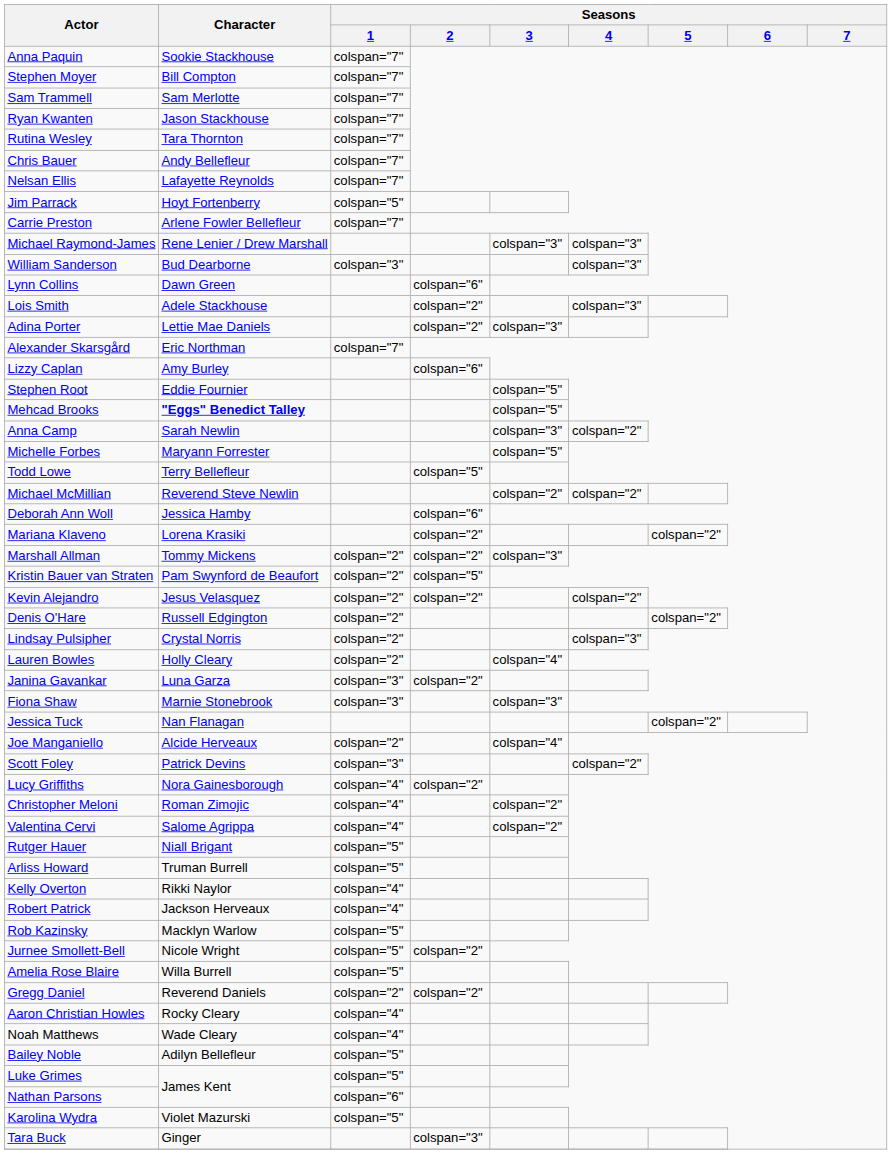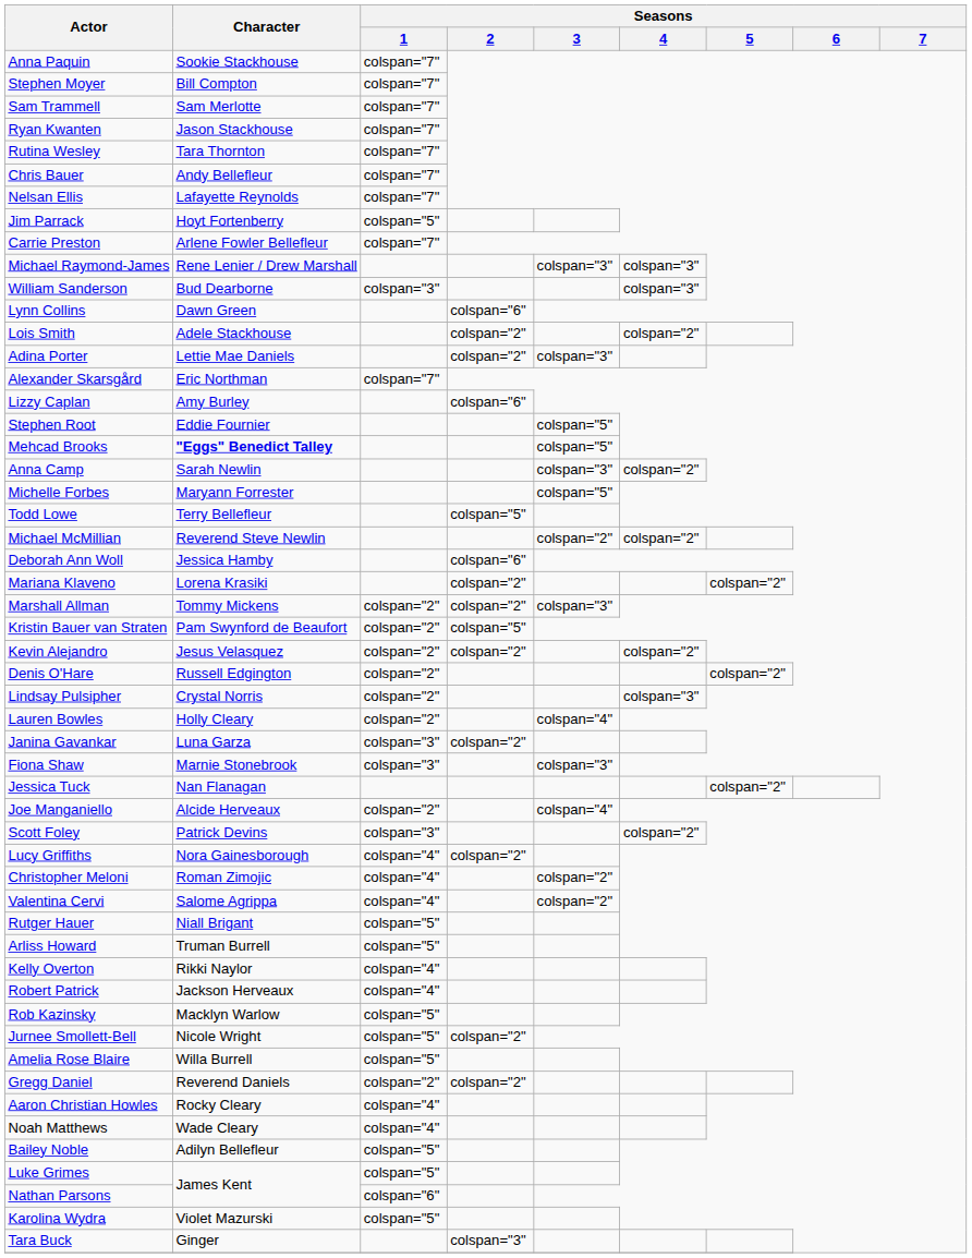 <table class="wikitable plainrowheaders" >
 <tr>
 <th rowspan="2">Actor</th>
 <th rowspan="2">Character</th>
 <th colspan="7">Seasons</th>
 </tr>
 <tr>
 <th style="width:9%;"><a href='#'>1</a></th>
 <th style="width:9%;"><a href='#'>2</a></th>
 <th style="width:9%;"><a href='#'>3</a></th>
 <th style="width:9%;"><a href='#'>4</a></th>
 <th style="width:9%;"><a href='#'>5</a></th>
 <th style="width:9%;"><a href='#'>6</a></th>
 <th style="width:9%;"><a href='#'>7</a></th>
 </tr>
 <tr>
 <td><a href='#'>Anna Paquin</a></td>
 <td><a href='#'>Sookie Stackhouse</a></td>
 <td>colspan="7" </td>
 </tr>
 <tr>
 <td><a href='#'>Stephen Moyer</a></td>
 <td><a href='#'>Bill Compton</a></td>
 <td>colspan="7" </td>
 </tr>
 <tr>
 <td><a href='#'>Sam Trammell</a></td>
 <td><a href='#'>Sam Merlotte</a></td>
 <td>colspan="7" </td>
 </tr>
 <tr>
 <td><a href='#'>Ryan Kwanten</a></td>
 <td><a href='#'>Jason Stackhouse</a></td>
 <td>colspan="7" </td>
 </tr>
 <tr>
 <td><a href='#'>Rutina Wesley</a></td>
 <td><a href='#'>Tara Thornton</a></td>
 <td>colspan="7" </td>
 </tr>
 <tr>
 <td><a href='#'>Chris Bauer</a></td>
 <td><a href='#'>Andy Bellefleur</a></td>
 <td>colspan="7" </td>
 </tr>
 <tr>
 <td><a href='#'>Nelsan Ellis</a></td>
 <td><a href='#'>Lafayette Reynolds</a></td>
 <td>colspan="7" </td>
 </tr>
 <tr>
 <td><a href='#'>Jim Parrack</a></td>
 <td><a href='#'>Hoyt Fortenberry</a></td>
 <td>colspan="5" </td>
 <td></td>
 <td></td>
 </tr>
 <tr>
 <td><a href='#'>Carrie Preston</a></td>
 <td><a href='#'>Arlene Fowler Bellefleur</a></td>
 <td>colspan="7" </td>
 </tr>
 <tr>
 <td><a href='#'>Michael Raymond-James</a></td>
 <td><a href='#'>Rene Lenier / Drew Marshall</a></td>
 <td></td>
 <td></td>
 <td>colspan="3" </td>
 <td>colspan="3" </td>
 </tr>
 <tr>
 <td><a href='#'>William Sanderson</a></td>
 <td><a href='#'>Bud Dearborne</a></td>
 <td>colspan="3" </td>
 <td></td>
 <td></td>
 <td>colspan="3" </td>
 </tr>
 <tr>
 <td><a href='#'>Lynn Collins</a></td>
 <td><a href='#'>Dawn Green</a></td>
 <td></td>
 <td>colspan="6" </td>
 </tr>
 <tr>
 <td><a href='#'>Lois Smith</a></td>
 <td><a href='#'>Adele Stackhouse</a></td>
 <td></td>
 <td>colspan="2" </td>
 <td></td>
-<td>colspan="3" </td>
+<td>colspan="2" </td>
 <td></td>
 </tr>
 <tr>
 <td><a href='#'>Adina Porter</a></td>
 <td><a href='#'>Lettie Mae Daniels</a></td>
 <td></td>
 <td>colspan="2" </td>
 <td>colspan="3" </td>
 <td></td>
 </tr>
 <tr>
 <td><a href='#'>Alexander Skarsgård</a></td>
 <td><a href='#'>Eric Northman</a></td>
 <td>colspan="7" </td>
 </tr>
 <tr>
 <td><a href='#'>Lizzy Caplan</a></td>
 <td><a href='#'>Amy Burley</a></td>
 <td></td>
 <td>colspan="6" </td>
 </tr>
 <tr>
 <td><a href='#'>Stephen Root</a></td>
 <td><a href='#'>Eddie Fournier</a></td>
 <td></td>
 <td></td>
 <td>colspan="5" </td>
 </tr>
 <tr>
 <td><a href='#'>Mehcad Brooks</a></td>
 <td><strong><a href='#'>"Eggs" Benedict Talley</a></strong></td>
 <td></td>
 <td></td>
 <td>colspan="5" </td>
 </tr>
 <tr>
 <td><a href='#'>Anna Camp</a></td>
 <td><a href='#'>Sarah Newlin</a></td>
 <td></td>
 <td></td>
 <td>colspan="3" </td>
 <td>colspan="2" </td>
 </tr>
 <tr>
 <td><a href='#'>Michelle Forbes</a></td>
 <td><a href='#'>Maryann Forrester</a></td>
 <td></td>
 <td></td>
 <td>colspan="5" </td>
 </tr>
 <tr>
 <td><a href='#'>Todd Lowe</a></td>
 <td><a href='#'>Terry Bellefleur</a></td>
 <td></td>
 <td>colspan="5" </td>
 <td></td>
 </tr>
 <tr>
 <td><a href='#'>Michael McMillian</a></td>
 <td><a href='#'>Reverend Steve Newlin</a></td>
 <td></td>
 <td></td>
 <td>colspan="2" </td>
 <td>colspan="2" </td>
 <td></td>
 </tr>
 <tr>
 <td><a href='#'>Deborah Ann Woll</a></td>
 <td><a href='#'>Jessica Hamby</a></td>
 <td></td>
 <td>colspan="6" </td>
 </tr>
 <tr>
 <td><a href='#'>Mariana Klaveno</a></td>
 <td><a href='#'>Lorena Krasiki</a></td>
 <td></td>
 <td>colspan="2" </td>
 <td></td>
 <td></td>
 <td>colspan="2" </td>
 </tr>
 <tr>
 <td><a href='#'>Marshall Allman</a></td>
 <td><a href='#'>Tommy Mickens</a></td>
 <td>colspan="2" </td>
 <td>colspan="2" </td>
 <td>colspan="3" </td>
 </tr>
 <tr>
 <td><a href='#'>Kristin Bauer van Straten</a></td>
 <td><a href='#'>Pam Swynford de Beaufort</a></td>
 <td>colspan="2" </td>
 <td>colspan="5" </td>
 </tr>
 <tr>
 <td><a href='#'>Kevin Alejandro</a></td>
 <td><a href='#'>Jesus Velasquez</a></td>
 <td>colspan="2" </td>
 <td>colspan="2" </td>
 <td></td>
 <td>colspan="2" </td>
 </tr>
 <tr>
 <td><a href='#'>Denis O'Hare</a></td>
 <td><a href='#'>Russell Edgington</a></td>
 <td>colspan="2" </td>
 <td></td>
 <td></td>
 <td></td>
 <td>colspan="2" </td>
 </tr>
 <tr>
 <td><a href='#'>Lindsay Pulsipher</a></td>
 <td><a href='#'>Crystal Norris</a></td>
 <td>colspan="2" </td>
 <td></td>
 <td></td>
 <td>colspan="3" </td>
 </tr>
 <tr>
 <td><a href='#'>Lauren Bowles</a></td>
 <td><a href='#'>Holly Cleary</a></td>
 <td>colspan="2" </td>
 <td></td>
 <td>colspan="4" </td>
 </tr>
 <tr>
 <td><a href='#'>Janina Gavankar</a></td>
 <td><a href='#'>Luna Garza</a></td>
 <td>colspan="3" </td>
 <td>colspan="2" </td>
 <td></td>
 <td></td>
 </tr>
 <tr>
 <td><a href='#'>Fiona Shaw</a></td>
 <td><a href='#'>Marnie Stonebrook</a></td>
 <td>colspan="3" </td>
 <td></td>
 <td>colspan="3" </td>
 </tr>
 <tr>
 <td><a href='#'>Jessica Tuck</a></td>
 <td><a href='#'>Nan Flanagan</a></td>
 <td></td>
 <td></td>
 <td></td>
 <td></td>
 <td>colspan="2" </td>
 <td></td>
 </tr>
 <tr>
 <td><a href='#'>Joe Manganiello</a></td>
 <td><a href='#'>Alcide Herveaux</a></td>
 <td>colspan="2" </td>
 <td></td>
 <td>colspan="4" </td>
 </tr>
 <tr>
 <td><a href='#'>Scott Foley</a></td>
 <td><a href='#'>Patrick Devins</a></td>
 <td>colspan="3" </td>
 <td></td>
 <td></td>
 <td>colspan="2" </td>
 </tr>
 <tr>
 <td><a href='#'>Lucy Griffiths</a></td>
 <td><a href='#'>Nora Gainesborough</a></td>
 <td>colspan="4" </td>
 <td>colspan="2" </td>
 <td></td>
 </tr>
 <tr>
 <td><a href='#'>Christopher Meloni</a></td>
 <td><a href='#'>Roman Zimojic</a></td>
 <td>colspan="4" </td>
 <td></td>
 <td>colspan="2" </td>
 </tr>
 <tr>
 <td><a href='#'>Valentina Cervi</a></td>
 <td><a href='#'>Salome Agrippa</a></td>
 <td>colspan="4" </td>
 <td></td>
 <td>colspan="2" </td>
 </tr>
 <tr>
 <td><a href='#'>Rutger Hauer</a></td>
 <td><a href='#'>Niall Brigant</a></td>
 <td>colspan="5" </td>
 <td></td>
 <td></td>
 </tr>
 <tr>
 <td><a href='#'>Arliss Howard</a></td>
 <td>Truman Burrell</td>
 <td>colspan="5" </td>
 <td></td>
 <td></td>
 </tr>
 <tr>
 <td><a href='#'>Kelly Overton</a></td>
 <td>Rikki Naylor</td>
 <td>colspan="4" </td>
 <td></td>
 <td></td>
 <td></td>
 </tr>
 <tr>
 <td><a href='#'>Robert Patrick</a></td>
 <td>Jackson Herveaux</td>
 <td>colspan="4" </td>
 <td></td>
 <td></td>
 <td></td>
 </tr>
 <tr>
 <td><a href='#'>Rob Kazinsky</a></td>
 <td>Macklyn Warlow</td>
 <td>colspan="5" </td>
 <td></td>
 <td></td>
 </tr>
 <tr>
 <td><a href='#'>Jurnee Smollett-Bell</a></td>
 <td>Nicole Wright</td>
 <td>colspan="5" </td>
 <td>colspan="2" </td>
 </tr>
 <tr>
 <td><a href='#'>Amelia Rose Blaire</a></td>
 <td>Willa Burrell</td>
 <td>colspan="5" </td>
 <td></td>
 <td></td>
 </tr>
 <tr>
 <td><a href='#'>Gregg Daniel</a></td>
 <td>Reverend Daniels</td>
 <td>colspan="2" </td>
 <td>colspan="2" </td>
 <td></td>
 <td></td>
 <td></td>
 </tr>
 <tr>
 <td><a href='#'>Aaron Christian Howles</a></td>
 <td>Rocky Cleary</td>
 <td>colspan="4" </td>
 <td></td>
 <td></td>
 <td></td>
 </tr>
 <tr>
 <td>Noah Matthews</td>
 <td>Wade Cleary</td>
 <td>colspan="4" </td>
 <td></td>
 <td></td>
 <td></td>
 </tr>
 <tr>
 <td><a href='#'>Bailey Noble</a></td>
 <td>Adilyn Bellefleur</td>
 <td>colspan="5" </td>
 <td></td>
 <td></td>
 </tr>
 <tr>
 <td><a href='#'>Luke Grimes</a></td>
 <td rowspan="2">James Kent</td>
 <td>colspan="5" </td>
 <td></td>
 <td></td>
 </tr>
 <tr>
 <td><a href='#'>Nathan Parsons</a></td>
 <td>colspan="6" </td>
 <td></td>
 </tr>
 <tr>
 <td><a href='#'>Karolina Wydra</a></td>
 <td>Violet Mazurski</td>
 <td>colspan="5" </td>
 <td></td>
 <td></td>
 </tr>
 <tr>
 <td><a href='#'>Tara Buck</a></td>
 <td>Ginger</td>
 <td></td>
 <td>colspan="3" </td>
 <td></td>
 <td></td>
 <td></td>
 </tr>
 <tr>
 </tr>
 </table>
